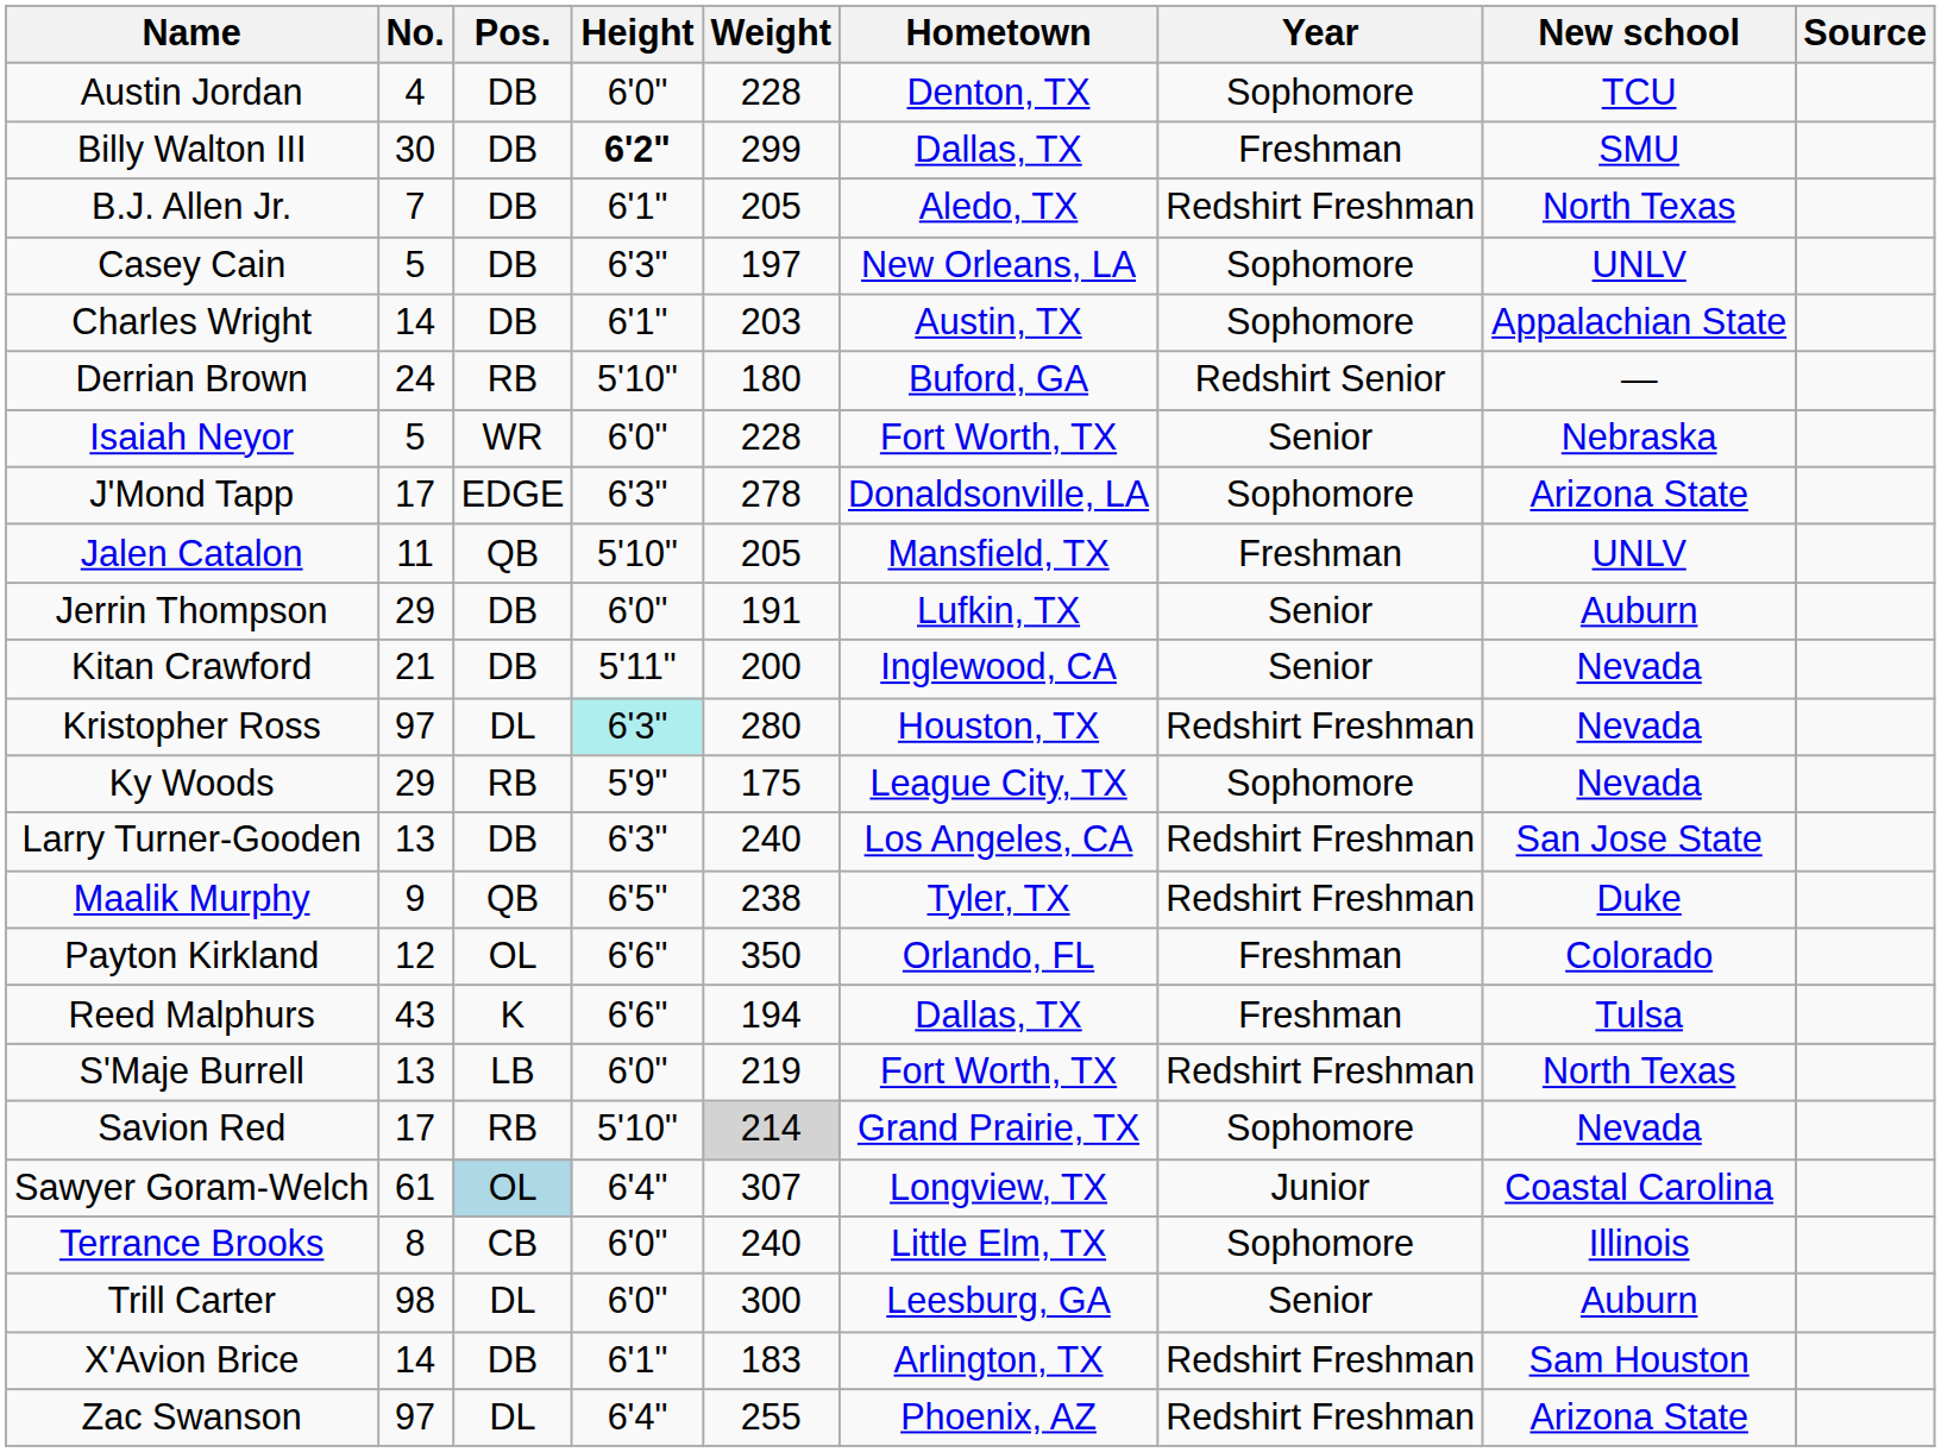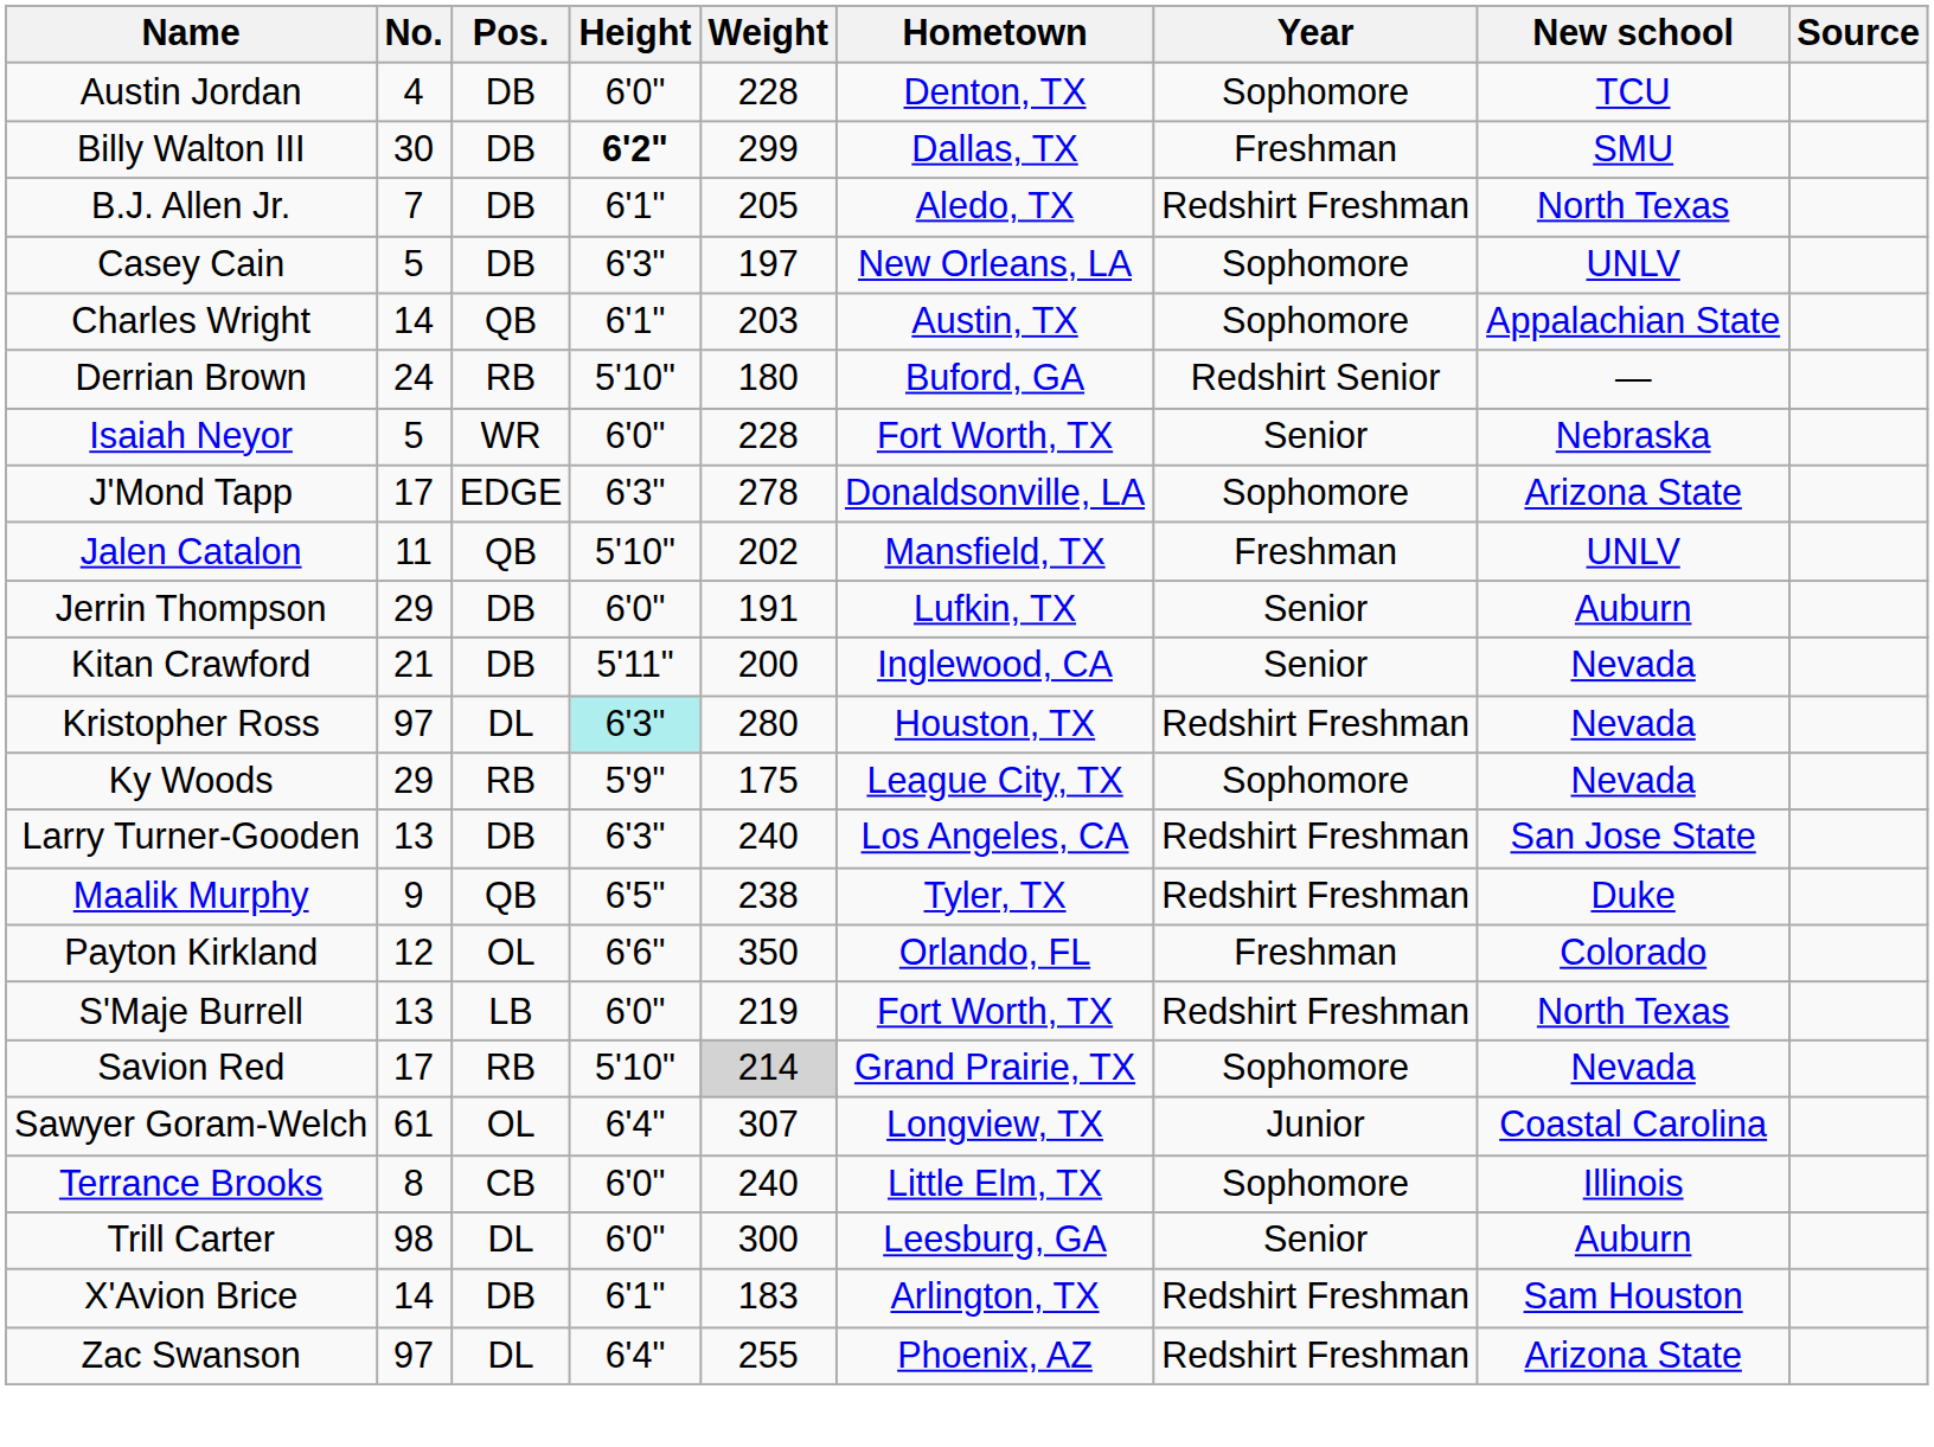 <table class="wikitable sortable">
 <tr>
 <th style="text-align:center; ">Name</th>
 <th style="text-align:center; ">No.</th>
 <th style="text-align:center; ">Pos.</th>
 <th style="text-align:center; ">Height</th>
 <th style="text-align:center; ">Weight</th>
 <th style="text-align:center; ">Hometown</th>
 <th style="text-align:center; ">Year</th>
 <th style="text-align:center; ">New school</th>
 <th style="text-align:center; ">Source</th>
 </tr>
 <tr align="center">
 <td>Austin Jordan</td>
 <td>4</td>
 <td>DB</td>
 <td>6'0"</td>
 <td>228</td>
 <td><a href='#'>Denton, TX</a></td>
 <td>Sophomore</td>
 <td><a href='#'>TCU</a></td>
 <td></td>
 </tr>
 <tr align="center">
 <td>Billy Walton III</td>
 <td>30</td>
 <td>DB</td>
 <td><strong>6'2"</strong></td>
 <td>299</td>
 <td><a href='#'>Dallas, TX</a></td>
 <td>Freshman</td>
 <td><a href='#'>SMU</a></td>
 <td></td>
 </tr>
 <tr align="center">
 <td>B.J. Allen Jr.</td>
 <td>7</td>
 <td>DB</td>
 <td>6'1"</td>
 <td>205</td>
 <td><a href='#'>Aledo, TX</a></td>
 <td>Redshirt Freshman</td>
 <td><a href='#'>North Texas</a></td>
 <td></td>
 </tr>
 <tr align="center">
 <td>Casey Cain</td>
 <td>5</td>
 <td>DB</td>
 <td>6'3"</td>
 <td>197</td>
 <td><a href='#'>New Orleans, LA</a></td>
 <td>Sophomore</td>
 <td><a href='#'>UNLV</a></td>
 <td></td>
 </tr>
 <tr align="center">
 <td>Charles Wright</td>
 <td>14</td>
-<td>DB</td>
+<td>QB</td>
 <td>6'1"</td>
 <td>203</td>
 <td><a href='#'>Austin, TX</a></td>
 <td>Sophomore</td>
 <td><a href='#'>Appalachian State</a></td>
 <td></td>
 </tr>
 <tr align="center">
 <td>Derrian Brown</td>
 <td>24</td>
 <td>RB</td>
 <td>5'10"</td>
 <td>180</td>
 <td><a href='#'>Buford, GA</a></td>
 <td>Redshirt Senior</td>
 <td>—</td>
 <td></td>
 </tr>
 <tr align="center">
 <td><a href='#'>Isaiah Neyor</a></td>
 <td>5</td>
 <td>WR</td>
 <td>6'0"</td>
 <td>228</td>
 <td><a href='#'>Fort Worth, TX</a></td>
 <td>Senior</td>
 <td><a href='#'>Nebraska</a></td>
 <td></td>
 </tr>
 <tr align="center">
 <td>J'Mond Tapp</td>
 <td>17</td>
 <td>EDGE</td>
 <td>6'3"</td>
 <td>278</td>
 <td><a href='#'>Donaldsonville, LA</a></td>
 <td>Sophomore</td>
 <td><a href='#'>Arizona State</a></td>
 <td></td>
 </tr>
 <tr align="center">
 <td><a href='#'>Jalen Catalon</a></td>
 <td>11</td>
 <td>QB</td>
 <td>5'10"</td>
-<td>205</td>
+<td>202</td>
 <td><a href='#'>Mansfield, TX</a></td>
 <td>Freshman</td>
 <td><a href='#'>UNLV</a></td>
 <td></td>
 </tr>
 <tr align="center">
 <td>Jerrin Thompson</td>
 <td>29</td>
 <td>DB</td>
 <td>6'0"</td>
 <td>191</td>
 <td><a href='#'>Lufkin, TX</a></td>
 <td>Senior</td>
 <td><a href='#'>Auburn</a></td>
 <td></td>
 </tr>
 <tr align="center">
 <td>Kitan Crawford</td>
 <td>21</td>
 <td>DB</td>
 <td>5'11"</td>
 <td>200</td>
 <td><a href='#'>Inglewood, CA</a></td>
 <td>Senior</td>
 <td><a href='#'>Nevada</a></td>
 <td></td>
 </tr>
 <tr align="center">
 <td>Kristopher Ross</td>
 <td>97</td>
 <td>DL</td>
 <td style="background: paleturquoise;">6'3"</td>
 <td>280</td>
 <td><a href='#'>Houston, TX</a></td>
 <td>Redshirt Freshman</td>
 <td><a href='#'>Nevada</a></td>
 <td></td>
 </tr>
 <tr align="center">
 <td>Ky Woods</td>
 <td>29</td>
 <td>RB</td>
 <td>5'9"</td>
 <td>175</td>
 <td><a href='#'>League City, TX</a></td>
 <td>Sophomore</td>
 <td><a href='#'>Nevada</a></td>
 <td></td>
 </tr>
 <tr align="center">
 <td>Larry Turner-Gooden</td>
 <td>13</td>
 <td>DB</td>
 <td>6'3"</td>
 <td>240</td>
 <td><a href='#'>Los Angeles, CA</a></td>
 <td>Redshirt Freshman</td>
 <td><a href='#'>San Jose State</a></td>
 <td></td>
 </tr>
 <tr align="center">
 <td><a href='#'>Maalik Murphy</a></td>
 <td>9</td>
 <td>QB</td>
 <td>6'5"</td>
 <td>238</td>
 <td><a href='#'>Tyler, TX</a></td>
 <td>Redshirt Freshman</td>
 <td><a href='#'>Duke</a></td>
 <td></td>
 </tr>
 <tr align="center">
 <td>Payton Kirkland</td>
 <td>12</td>
 <td>OL</td>
 <td>6'6"</td>
 <td>350</td>
 <td><a href='#'>Orlando, FL</a></td>
 <td>Freshman</td>
 <td><a href='#'>Colorado</a></td>
 <td></td>
 </tr>
 <tr align="center">
-<td>Reed Malphurs</td>
-<td>43</td>
-<td>K</td>
-<td>6'6"</td>
-<td>194</td>
-<td><a href='#'>Dallas, TX</a></td>
-<td>Freshman</td>
-<td><a href='#'>Tulsa</a></td>
-<td></td>
-</tr>
-<tr align="center">
 <td>S'Maje Burrell</td>
 <td>13</td>
 <td>LB</td>
 <td>6'0"</td>
 <td>219</td>
 <td><a href='#'>Fort Worth, TX</a></td>
 <td>Redshirt Freshman</td>
 <td><a href='#'>North Texas</a></td>
 <td></td>
 </tr>
 <tr align="center">
 <td>Savion Red</td>
 <td>17</td>
 <td>RB</td>
 <td>5'10"</td>
 <td style="background: lightgrey;">214</td>
 <td><a href='#'>Grand Prairie, TX</a></td>
 <td>Sophomore</td>
 <td><a href='#'>Nevada</a></td>
 <td></td>
 </tr>
 <tr align="center">
 <td>Sawyer Goram-Welch</td>
 <td>61</td>
-<td style="background: lightblue;">OL</td>
+<td>OL</td>
 <td>6'4"</td>
 <td>307</td>
 <td><a href='#'>Longview, TX</a></td>
 <td>Junior</td>
 <td><a href='#'>Coastal Carolina</a></td>
 <td></td>
 </tr>
 <tr align="center">
 <td><a href='#'>Terrance Brooks</a></td>
 <td>8</td>
 <td>CB</td>
 <td>6'0"</td>
 <td>240</td>
 <td><a href='#'>Little Elm, TX</a></td>
 <td>Sophomore</td>
 <td><a href='#'>Illinois</a></td>
 <td></td>
 </tr>
 <tr align="center">
 <td>Trill Carter</td>
 <td>98</td>
 <td>DL</td>
 <td>6'0"</td>
 <td>300</td>
 <td><a href='#'>Leesburg, GA</a></td>
 <td>Senior</td>
 <td><a href='#'>Auburn</a></td>
 <td></td>
 </tr>
 <tr align="center">
 <td>X'Avion Brice</td>
 <td>14</td>
 <td>DB</td>
 <td>6'1"</td>
 <td>183</td>
 <td><a href='#'>Arlington, TX</a></td>
 <td>Redshirt Freshman</td>
 <td><a href='#'>Sam Houston</a></td>
 <td></td>
 </tr>
 <tr align="center">
 <td>Zac Swanson</td>
 <td>97</td>
 <td>DL</td>
 <td>6'4"</td>
 <td>255</td>
 <td><a href='#'>Phoenix, AZ</a></td>
 <td>Redshirt Freshman</td>
 <td><a href='#'>Arizona State</a></td>
 <td></td>
 </tr>
 </table>
